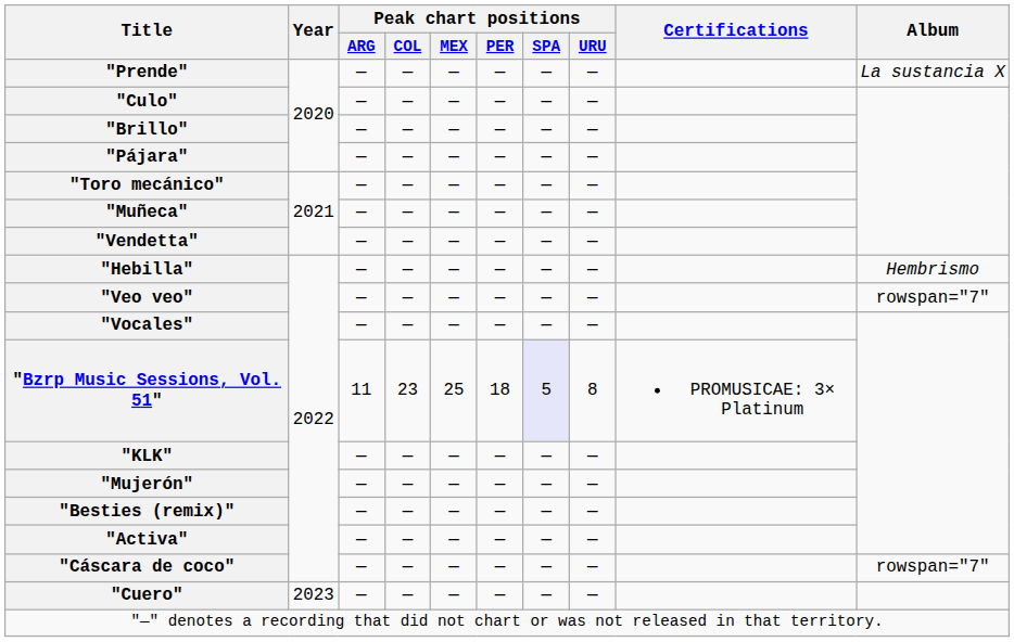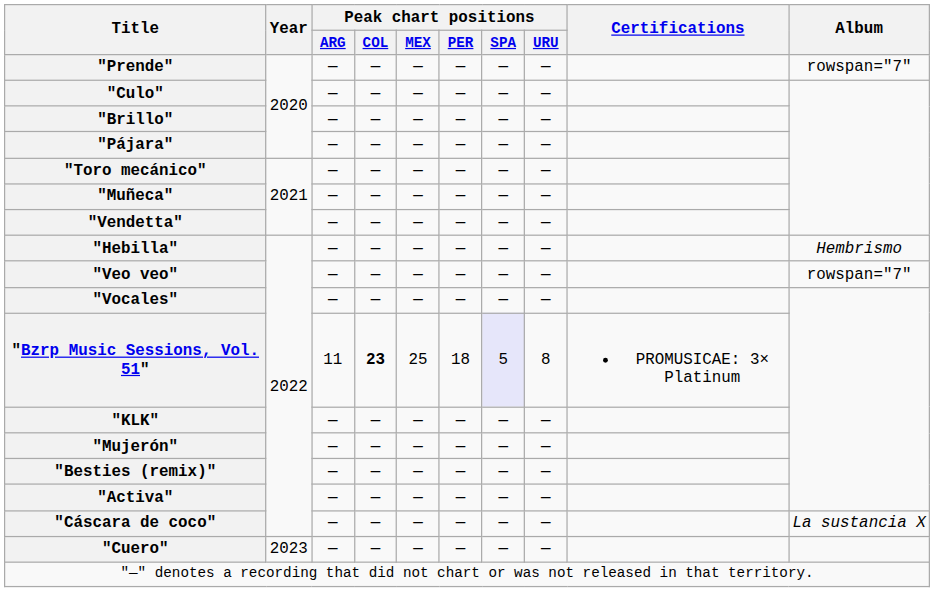 <table class="wikitable plainrowheaders" style="text-align:center">
 <tr>
 <th scope="col" rowspan="2" style="width:16em">Title</th>
 <th scope="col" rowspan="2" style="width:1em">Year</th>
 <th scope="col" colspan="6">Peak chart positions</th>
 <th scope="col" rowspan="2" style="width:13.5em"><a href='#'>Certifications</a></th>
 <th scope="col" rowspan="2">Album</th>
 </tr>
 <tr>
 <th scope="col" style="width:2.5em;font-size:90%"><a href='#'>ARG</a><br></th>
 <th scope="col" style="width:2.5em;font-size:90%"><a href='#'>COL</a><br></th>
 <th scope="col" style="width:2.5em;font-size:90%"><a href='#'>MEX</a><br></th>
 <th scope="col" style="width:2.5em;font-size:90%"><a href='#'>PER</a><br></th>
 <th scope="col" style="width:2.5em;font-size:90%"><a href='#'>SPA</a><br></th>
 <th scope="col" style="width:2.5em;font-size:90%"><a href='#'>URU</a><br></th>
 </tr>
 <tr>
 <th scope="row">"Prende"</th>
 <td rowspan="4">2020</td>
 <td>—</td>
 <td>—</td>
 <td>—</td>
 <td>—</td>
 <td>—</td>
 <td>—</td>
 <td></td>
-<td><em>La sustancia X</em></td>
+<td>rowspan="7" </td>
 </tr>
 <tr>
 <th scope="row">"Culo"</th>
 <td>—</td>
 <td>—</td>
 <td>—</td>
 <td>—</td>
 <td>—</td>
 <td>—</td>
 <td></td>
 </tr>
 <tr>
 <th scope="row">"Brillo"</th>
 <td>—</td>
 <td>—</td>
 <td>—</td>
 <td>—</td>
 <td>—</td>
 <td>—</td>
 <td></td>
 </tr>
 <tr>
 <th scope="row">"Pájara"</th>
 <td>—</td>
 <td>—</td>
 <td>—</td>
 <td>—</td>
 <td>—</td>
 <td>—</td>
 <td></td>
 </tr>
 <tr>
 <th scope="row">"Toro mecánico"<br></th>
 <td rowspan="3">2021</td>
 <td>—</td>
 <td>—</td>
 <td>—</td>
 <td>—</td>
 <td>—</td>
 <td>—</td>
 <td></td>
 </tr>
 <tr>
 <th scope="row">"Muñeca"<br></th>
 <td>—</td>
 <td>—</td>
 <td>—</td>
 <td>—</td>
 <td>—</td>
 <td>—</td>
 <td></td>
 </tr>
 <tr>
 <th scope="row">"Vendetta"<br></th>
 <td>—</td>
 <td>—</td>
 <td>—</td>
 <td>—</td>
 <td>—</td>
 <td>—</td>
 <td></td>
 </tr>
 <tr>
 <th scope="row">"Hebilla"<br></th>
 <td rowspan="9">2022</td>
 <td>—</td>
 <td>—</td>
 <td>—</td>
 <td>—</td>
 <td>—</td>
 <td>—</td>
 <td></td>
 <td><em>Hembrismo</em></td>
 </tr>
 <tr>
 <th scope="row">"Veo veo"<br></th>
 <td>—</td>
 <td>—</td>
 <td>—</td>
 <td>—</td>
 <td>—</td>
 <td>—</td>
 <td></td>
 <td>rowspan="7" </td>
 </tr>
 <tr>
 <th scope="row">"Vocales"</th>
 <td>—</td>
 <td>—</td>
 <td>—</td>
 <td>—</td>
 <td>—</td>
 <td>—</td>
 <td></td>
 </tr>
 <tr>
 <th scope="row">"<a href='#'>Bzrp Music Sessions, Vol. 51</a>"<br></th>
 <td>11</td>
-<td>23</td>
+<td><strong>23</strong></td>
 <td>25</td>
 <td>18</td>
 <td style="background: lavender;">5</td>
 <td>8</td>
 <td><br><ul><li>PROMUSICAE: 3× Platinum</li></ul></td>
 </tr>
 <tr>
 <th scope="row">"KLK"</th>
 <td>—</td>
 <td>—</td>
 <td>—</td>
 <td>—</td>
 <td>—</td>
 <td>—</td>
 <td></td>
 </tr>
 <tr>
 <th scope="row">"Mujerón"<br></th>
 <td>—</td>
 <td>—</td>
 <td>—</td>
 <td>—</td>
 <td>—</td>
 <td>—</td>
 <td></td>
 </tr>
 <tr>
 <th scope="row">"Besties (remix)"<br></th>
 <td>—</td>
 <td>—</td>
 <td>—</td>
 <td>—</td>
 <td>—</td>
 <td>—</td>
 <td></td>
 </tr>
 <tr>
 <th scope="row">"Activa"<br></th>
 <td>—</td>
 <td>—</td>
 <td>—</td>
 <td>—</td>
 <td>—</td>
 <td>—</td>
 <td></td>
 </tr>
 <tr>
 <th scope="row">"Cáscara de coco"</th>
 <td>—</td>
 <td>—</td>
 <td>—</td>
 <td>—</td>
 <td>—</td>
 <td>—</td>
 <td></td>
-<td>rowspan="7" </td>
+<td><em>La sustancia X</em></td>
 </tr>
 <tr>
 <th scope="row">"Cuero"</th>
 <td>2023</td>
 <td>—</td>
 <td>—</td>
 <td>—</td>
 <td>—</td>
 <td>—</td>
 <td>—</td>
 <td></td>
 <td></td>
 </tr>
 <tr>
 <td colspan="10" style="font-size:90%">"—" denotes a recording that did not chart or was not released in that territory.</td>
 </tr>
 </table>
